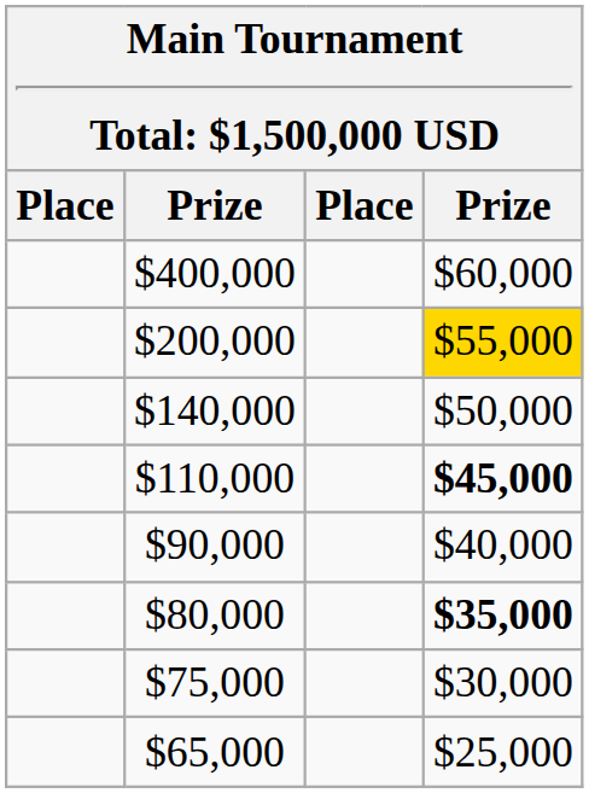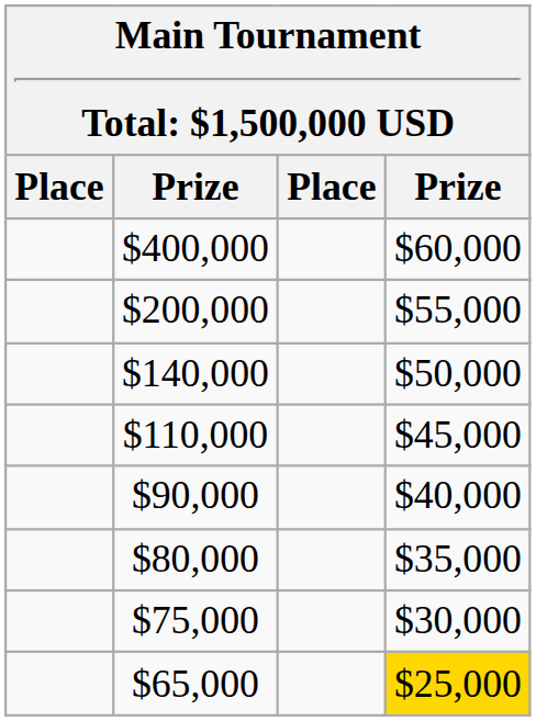 <table class="wikitable" style="text-align:center; margin-top:0px;">
 <tr>
 <th colspan=4>Main Tournament<hr>Total: $1,500,000 USD</th>
 </tr>
 <tr>
 <th>Place</th>
 <th>Prize </th>
 <th>Place</th>
 <th>Prize </th>
 </tr>
 <tr>
 <td></td>
 <td>$400,000</td>
 <td></td>
 <td>$60,000</td>
 </tr>
 <tr>
 <td></td>
 <td>$200,000</td>
 <td></td>
-<td style="background: gold;">$55,000</td>
+<td>$55,000</td>
 </tr>
 <tr>
 <td></td>
 <td>$140,000</td>
 <td></td>
 <td>$50,000</td>
 </tr>
 <tr>
 <td></td>
 <td>$110,000</td>
 <td></td>
-<td><strong>$45,000</strong></td>
+<td>$45,000</td>
 </tr>
 <tr>
 <td></td>
 <td>$90,000</td>
 <td></td>
 <td>$40,000</td>
 </tr>
 <tr>
 <td></td>
 <td>$80,000</td>
 <td></td>
-<td><strong>$35,000</strong></td>
+<td>$35,000</td>
 </tr>
 <tr>
 <td></td>
 <td>$75,000</td>
 <td></td>
 <td>$30,000</td>
 </tr>
 <tr>
 <td></td>
 <td>$65,000</td>
 <td></td>
-<td>$25,000</td>
+<td style="background: gold;">$25,000</td>
 </tr>
 </table>
